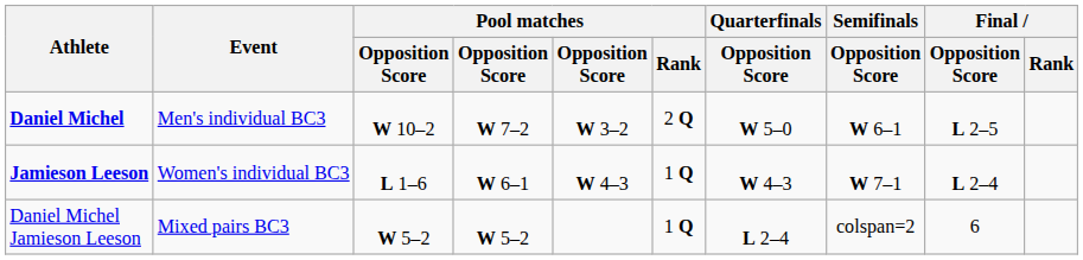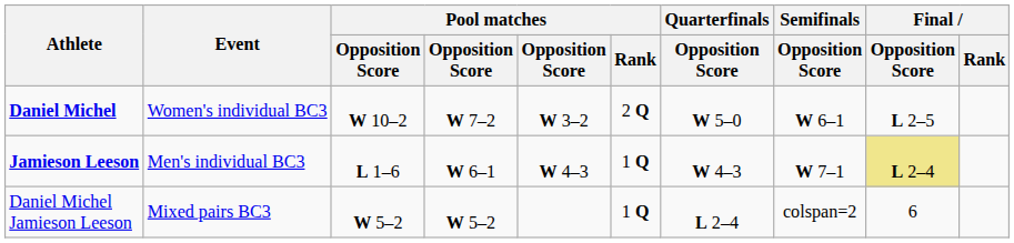 <table class=wikitable style="font-size:90%">
 <tr>
 <th rowspan="2">Athlete</th>
 <th rowspan="2">Event</th>
 <th colspan="4">Pool matches</th>
 <th>Quarterfinals</th>
 <th>Semifinals</th>
 <th colspan="2">Final / </th>
 </tr>
 <tr>
 <th>Opposition<br>Score</th>
 <th>Opposition<br>Score</th>
 <th>Opposition<br>Score</th>
 <th>Rank</th>
 <th>Opposition<br>Score</th>
 <th>Opposition<br>Score</th>
 <th>Opposition<br>Score</th>
 <th>Rank</th>
 </tr>
 <tr align=center>
 <td align=left><strong><a href='#'>Daniel Michel</a></strong></td>
-<td align=left><a href='#'>Men's individual BC3</a></td>
+<td align=left><a href='#'>Women's individual BC3</a></td>
 <td><br><strong>W</strong> 10–2</td>
 <td><br><strong>W</strong> 7–2</td>
 <td><br><strong>W</strong> 3–2</td>
 <td>2 <strong>Q</strong></td>
 <td><br><strong>W</strong> 5–0</td>
 <td><br><strong>W</strong> 6–1</td>
 <td><br><strong>L</strong> 2–5</td>
 <td></td>
 </tr>
 <tr align=center>
 <td align=left><strong><a href='#'>Jamieson Leeson</a></strong></td>
-<td align=left><a href='#'>Women's individual BC3</a></td>
+<td align=left><a href='#'>Men's individual BC3</a></td>
 <td><br><strong>L</strong> 1–6</td>
 <td><br><strong>W</strong> 6–1</td>
 <td><br><strong>W</strong> 4–3</td>
 <td>1 <strong>Q</strong></td>
 <td><br><strong>W</strong> 4–3</td>
 <td><br><strong>W</strong> 7–1</td>
-<td><br><strong>L</strong> 2–4</td>
+<td style="background: khaki;"><br><strong>L</strong> 2–4</td>
 <td></td>
 </tr>
 <tr align=center>
 <td align=left><a href='#'>Daniel Michel</a><br><a href='#'>Jamieson Leeson</a></td>
 <td align=left><a href='#'>Mixed pairs BC3</a></td>
 <td><br><strong>W</strong> 5–2</td>
 <td><br><strong>W</strong> 5–2</td>
 <td></td>
 <td>1 <strong>Q</strong></td>
 <td><br><strong>L</strong> 2–4</td>
 <td>colspan=2 </td>
 <td>6</td>
 </tr>
 </table>
